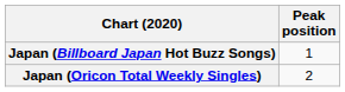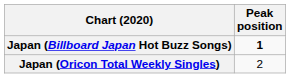 <table class="wikitable plainrowheaders" style="text-align:center">
 <tr>
 <th scope="col">Chart (2020)</th>
 <th scope="col">Peak<br>position</th>
 </tr>
 <tr>
 <th scope="row">Japan (<em><a href='#'>Billboard Japan</a></em> Hot Buzz Songs)</th>
-<td>1</td>
+<td><strong>1</strong></td>
 </tr>
 <tr>
 <th scope="row">Japan (<a href='#'>Oricon Total Weekly Singles</a>)</th>
 <td>2</td>
 </tr>
 </table>
